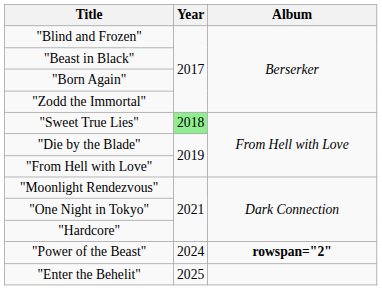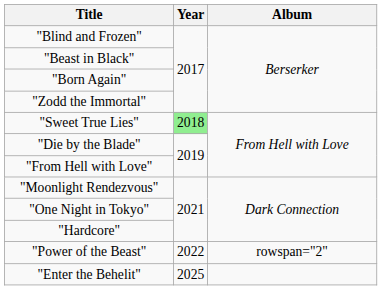 <table class="wikitable" plainrowheaders" style="text-align:center;">
 <tr>
 <th scope="col" style="width:12em;">Title</th>
 <th scope="col" style="width:2em;">Year</th>
 <th scope="col" style="width:12em;">Album</th>
 </tr>
 <tr>
 <td>"Blind and Frozen"</td>
 <td rowspan="4">2017</td>
 <td rowspan="4"><em>Berserker</em></td>
 </tr>
 <tr>
 <td>"Beast in Black"</td>
 </tr>
 <tr>
 <td>"Born Again"</td>
 </tr>
 <tr>
 <td>"Zodd the Immortal"</td>
 </tr>
 <tr>
 <td>"Sweet True Lies"</td>
 <td style="background: lightgreen;">2018</td>
 <td rowspan="3"><em>From Hell with Love</em></td>
 </tr>
 <tr>
 <td>"Die by the Blade"</td>
 <td rowspan="2">2019</td>
 </tr>
 <tr>
 <td>"From Hell with Love"</td>
 </tr>
 <tr>
 <td>"Moonlight Rendezvous"</td>
 <td rowspan="3">2021</td>
 <td rowspan="3"><em>Dark Connection</em></td>
 </tr>
 <tr>
 <td>"One Night in Tokyo"</td>
 </tr>
 <tr>
 <td>"Hardcore"</td>
 </tr>
 <tr>
 <td>"Power of the Beast"</td>
-<td>2024</td>
-<td><strong>rowspan="2" </strong></td>
+<td>2022</td>
+<td>rowspan="2" </td>
 </tr>
 <tr>
 <td>"Enter the Behelit"</td>
 <td>2025</td>
 </tr>
 </table>
